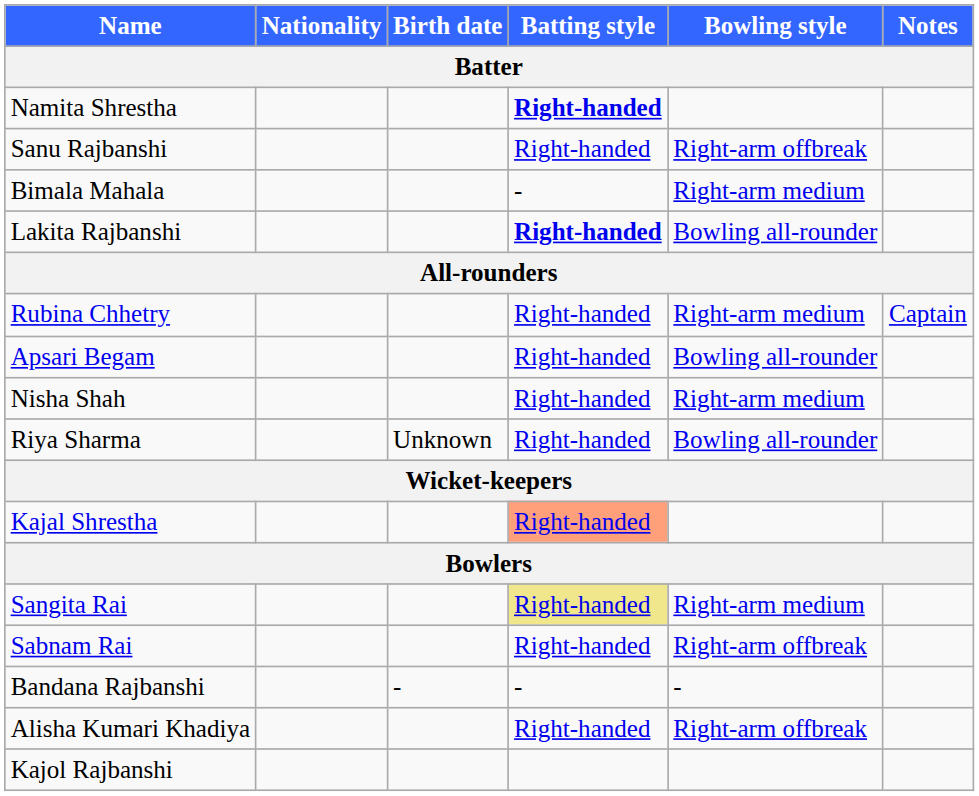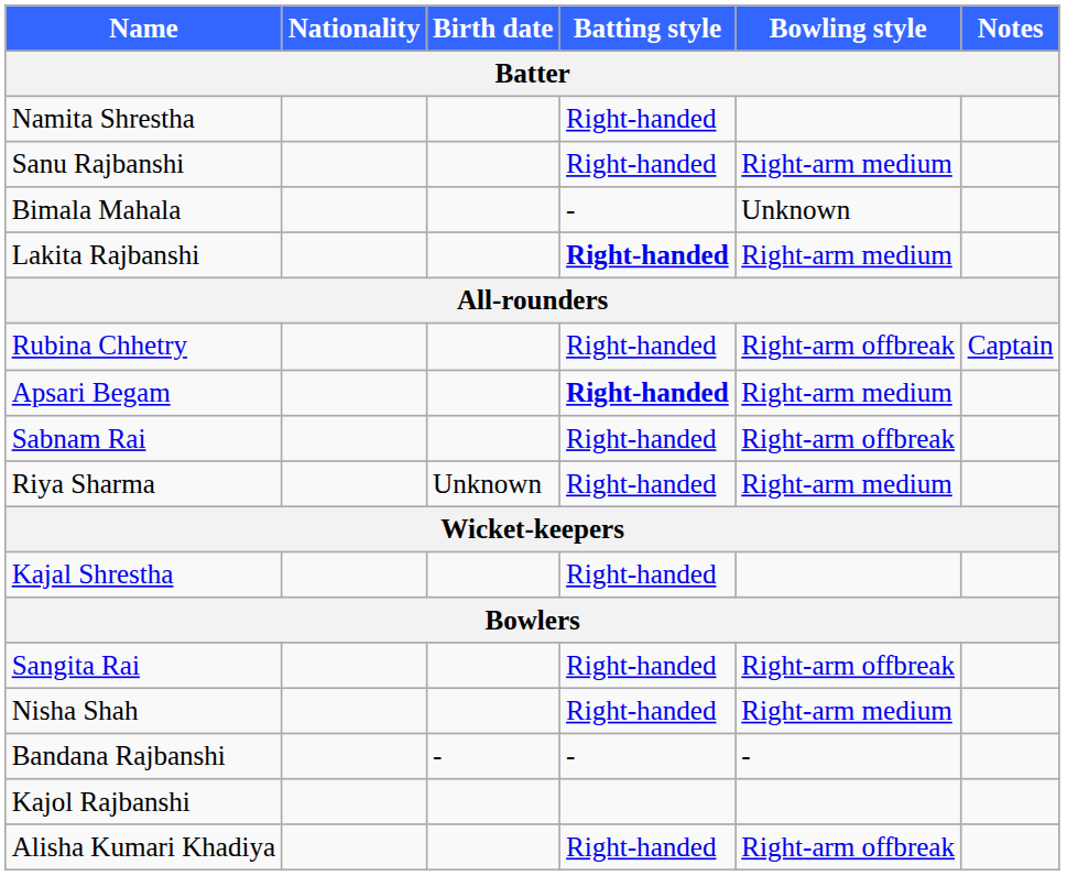 <table class="wikitable" style="font-size:95%;">
 <tr>
 <th style="background:#36F; color:white; text-align:centre;">Name</th>
 <th style="background:#36F; color:white; text-align:centre;">Nationality</th>
 <th style="background:#36F; color:white; text-align:centre;">Birth date</th>
 <th style="background:#36F; color:white; text-align:centre;">Batting style</th>
 <th style="background:#36F; color:white; text-align:centre;">Bowling style</th>
 <th style="background:#36F; color:white; text-align:centre;">Notes</th>
 </tr>
 <tr>
 <th colspan="6">Batter</th>
 </tr>
 <tr>
 <td>Namita Shrestha</td>
 <td></td>
 <td></td>
-<td><strong><a href='#'>Right-handed</a></strong></td>
+<td><a href='#'>Right-handed</a></td>
 <td></td>
 <td></td>
 </tr>
 <tr>
 <td>Sanu Rajbanshi</td>
 <td></td>
 <td></td>
 <td><a href='#'>Right-handed</a></td>
-<td><a href='#'>Right-arm offbreak</a></td>
+<td><a href='#'>Right-arm medium</a></td>
 <td></td>
 </tr>
 <tr>
 <td>Bimala Mahala</td>
 <td></td>
 <td></td>
 <td>-</td>
-<td><a href='#'>Right-arm medium</a></td>
+<td>Unknown</td>
 <td></td>
 </tr>
 <tr>
 <td>Lakita Rajbanshi</td>
 <td></td>
 <td></td>
 <td><strong><a href='#'>Right-handed</a></strong></td>
-<td><a href='#'>Bowling all-rounder</a></td>
+<td><a href='#'>Right-arm medium</a></td>
 <td></td>
 </tr>
 <tr>
 <th colspan="6">All-rounders</th>
 </tr>
 <tr>
 <td><a href='#'>Rubina Chhetry</a></td>
 <td></td>
 <td></td>
 <td><a href='#'>Right-handed</a></td>
-<td><a href='#'>Right-arm medium</a></td>
+<td><a href='#'>Right-arm offbreak</a></td>
 <td><a href='#'>Captain</a></td>
 </tr>
 <tr>
 <td><a href='#'>Apsari Begam</a></td>
 <td></td>
 <td></td>
-<td><a href='#'>Right-handed</a></td>
-<td><a href='#'>Bowling all-rounder</a></td>
-<td></td>
-</tr>
-<tr>
-<td>Nisha Shah</td>
-<td></td>
-<td></td>
-<td><a href='#'>Right-handed</a></td>
-<td><a href='#'>Right-arm medium</a></td>
-<td></td>
-</tr>
-<tr>
-<td>Riya Sharma</td>
-<td></td>
-<td>Unknown</td>
-<td><a href='#'>Right-handed</a></td>
-<td><a href='#'>Bowling all-rounder</a></td>
-<td></td>
-</tr>
-<tr>
-<th colspan="6">Wicket-keepers</th>
-</tr>
-<tr>
-<td><a href='#'>Kajal Shrestha</a></td>
-<td></td>
-<td></td>
-<td style="background: lightsalmon;"><a href='#'>Right-handed</a></td>
-<td></td>
-</tr>
-<tr>
-<th colspan="6">Bowlers</th>
-</tr>
-<tr>
-<td><a href='#'>Sangita Rai</a></td>
-<td></td>
-<td></td>
-<td style="background: khaki;"><a href='#'>Right-handed</a></td>
+<td><strong><a href='#'>Right-handed</a></strong></td>
 <td><a href='#'>Right-arm medium</a></td>
 <td></td>
 </tr>
 <tr>
 <td><a href='#'>Sabnam Rai</a></td>
 <td></td>
 <td></td>
 <td><a href='#'>Right-handed</a></td>
 <td><a href='#'>Right-arm offbreak</a></td>
 <td></td>
 </tr>
 <tr>
+<td>Riya Sharma</td>
+<td></td>
+<td>Unknown</td>
+<td><a href='#'>Right-handed</a></td>
+<td><a href='#'>Right-arm medium</a></td>
+<td></td>
+</tr>
+<tr>
+<th colspan="6">Wicket-keepers</th>
+</tr>
+<tr>
+<td><a href='#'>Kajal Shrestha</a></td>
+<td></td>
+<td></td>
+<td><a href='#'>Right-handed</a></td>
+<td></td>
+</tr>
+<tr>
+<th colspan="6">Bowlers</th>
+</tr>
+<tr>
+<td><a href='#'>Sangita Rai</a></td>
+<td></td>
+<td></td>
+<td><a href='#'>Right-handed</a></td>
+<td><a href='#'>Right-arm offbreak</a></td>
+<td></td>
+</tr>
+<tr>
+<td>Nisha Shah</td>
+<td></td>
+<td></td>
+<td><a href='#'>Right-handed</a></td>
+<td><a href='#'>Right-arm medium</a></td>
+<td></td>
+</tr>
+<tr>
 <td>Bandana Rajbanshi</td>
 <td></td>
 <td>-</td>
 <td>-</td>
 <td>-</td>
+<td></td>
+</tr>
+<tr>
+<td>Kajol Rajbanshi</td>
+<td></td>
+<td></td>
+<td></td>
+<td></td>
 <td></td>
 </tr>
 <tr>
 <td>Alisha Kumari Khadiya</td>
 <td></td>
 <td></td>
 <td><a href='#'>Right-handed</a></td>
 <td><a href='#'>Right-arm offbreak</a></td>
 <td></td>
 </tr>
-<tr>
-<td>Kajol Rajbanshi</td>
-<td></td>
-<td></td>
-<td></td>
-<td></td>
-<td></td>
-</tr>
 </table>
